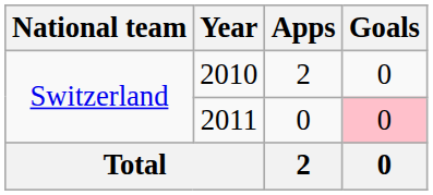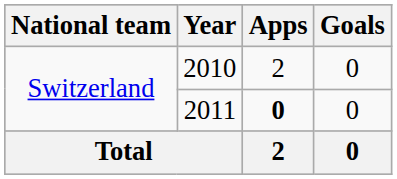 <table class="wikitable" style="text-align:center">
 <tr>
 <th>National team</th>
 <th>Year</th>
 <th>Apps</th>
 <th>Goals</th>
 </tr>
 <tr>
 <td rowspan="2"><a href='#'>Switzerland</a></td>
 <td>2010</td>
 <td>2</td>
 <td>0</td>
 </tr>
 <tr>
 <td>2011</td>
+<td><strong>0</strong></td>
 <td>0</td>
-<td style="background: pink;">0</td>
 </tr>
 <tr>
 <th colspan="2">Total</th>
 <th>2</th>
 <th>0</th>
 </tr>
 </table>
